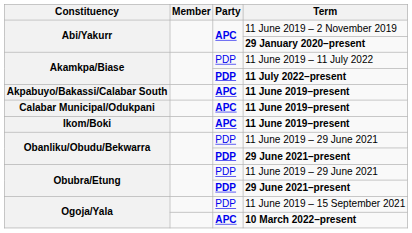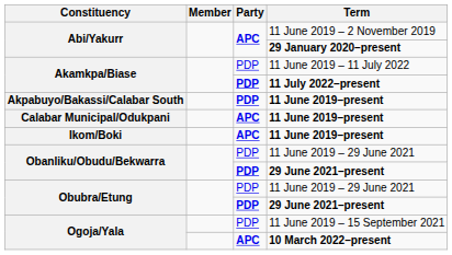 <table class="wikitable">
 <tr valign=bottom>
 <th>Constituency</th>
 <th>Member</th>
 <th>Party</th>
 <th>Term</th>
 </tr>
 <tr>
 <th rowspan=2>Abi/Yakurr</th>
 <td rowspan=2><strong></strong></td>
 <td rowspan=2 ><strong><a href='#'>APC</a></strong></td>
 <td>11 June 2019 – 2 November 2019</td>
 </tr>
 <tr>
 <td><strong>29 January 2020–present</strong></td>
 </tr>
 <tr>
 <th rowspan=2>Akamkpa/Biase</th>
 <td rowspan=2><strong></strong></td>
 <td><a href='#'>PDP</a></td>
 <td>11 June 2019 – 11 July 2022</td>
 </tr>
 <tr>
 <td><strong><a href='#'>PDP</a></strong></td>
 <td><strong>11 July 2022–present</strong></td>
 </tr>
 <tr>
 <th>Akpabuyo/Bakassi/Calabar South</th>
 <td><strong></strong></td>
-<td><strong><a href='#'>APC</a></strong></td>
+<td><strong><a href='#'>PDP</a></strong></td>
 <td><strong>11 June 2019–present</strong></td>
 </tr>
 <tr>
 <th>Calabar Municipal/Odukpani</th>
 <td><strong></strong></td>
 <td><strong><a href='#'>APC</a></strong></td>
 <td><strong>11 June 2019–present</strong></td>
 </tr>
 <tr>
 <th>Ikom/Boki</th>
 <td><strong></strong></td>
 <td><strong><a href='#'>APC</a></strong></td>
 <td><strong>11 June 2019–present</strong></td>
 </tr>
 <tr>
 <th rowspan=2>Obanliku/Obudu/Bekwarra</th>
 <td rowspan=2><strong></strong></td>
 <td><a href='#'>PDP</a></td>
 <td>11 June 2019 – 29 June 2021</td>
 </tr>
 <tr>
 <td><strong><a href='#'>PDP</a></strong></td>
 <td><strong>29 June 2021–present</strong></td>
 </tr>
 <tr>
 <th rowspan=2>Obubra/Etung</th>
 <td rowspan=2><strong></strong></td>
 <td><a href='#'>PDP</a></td>
 <td>11 June 2019 – 29 June 2021</td>
 </tr>
 <tr>
 <td><strong><a href='#'>PDP</a></strong></td>
 <td><strong>29 June 2021–present</strong></td>
 </tr>
 <tr>
 <th rowspan=2>Ogoja/Yala</th>
 <td style="opacity:.3;"></td>
 <td><a href='#'>PDP</a></td>
 <td>11 June 2019 – 15 September 2021</td>
 </tr>
 <tr>
 <td><strong></strong></td>
 <td><strong><a href='#'>APC</a></strong></td>
 <td><strong>10 March 2022–present</strong></td>
 </tr>
 </table>
